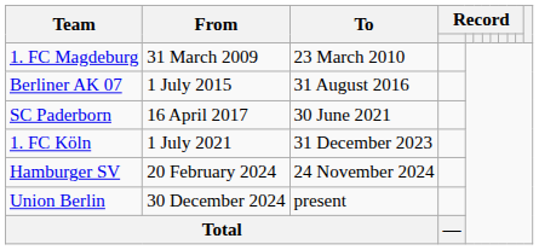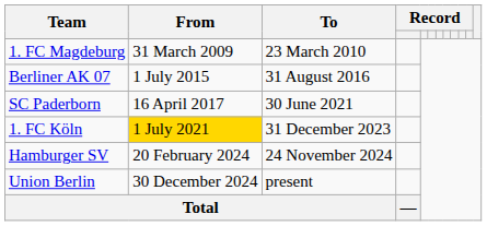 <table class="wikitable" style="text-align: center">
 <tr>
 <th rowspan="2">Team</th>
 <th rowspan="2">From</th>
 <th rowspan="2">To</th>
 <th colspan="8">Record</th>
 <th rowspan=2></th>
 </tr>
 <tr>
 <th></th>
 <th></th>
 <th></th>
 <th></th>
 <th></th>
 <th></th>
 <th></th>
 <th></th>
 </tr>
 <tr>
 <td align=left><a href='#'>1. FC Magdeburg</a></td>
 <td align=left>31 March 2009</td>
 <td align=left>23 March 2010<br></td>
 <td></td>
 </tr>
 <tr>
 <td align=left><a href='#'>Berliner AK 07</a></td>
 <td align=left>1 July 2015</td>
 <td align=left>31 August 2016<br></td>
 <td></td>
 </tr>
 <tr>
 <td align=left><a href='#'>SC Paderborn</a></td>
 <td align=left>16 April 2017</td>
 <td align=left>30 June 2021<br></td>
 <td></td>
 </tr>
 <tr>
 <td align=left><a href='#'>1. FC Köln</a></td>
-<td align=left>1 July 2021</td>
+<td align=left style="background: gold;">1 July 2021</td>
 <td align=left>31 December 2023<br></td>
 <td></td>
 </tr>
 <tr>
 <td align=left><a href='#'>Hamburger SV</a></td>
 <td align=left>20 February 2024</td>
 <td align=left>24 November 2024<br></td>
 <td></td>
 </tr>
 <tr>
 <td align=left><a href='#'>Union Berlin</a></td>
 <td align=left>30 December 2024</td>
 <td align=left>present<br></td>
 <td></td>
 </tr>
 <tr>
 <th colspan="3">Total<br></th>
 <th>—</th>
 </tr>
 </table>
